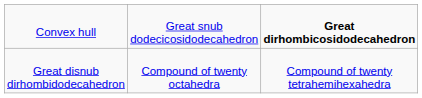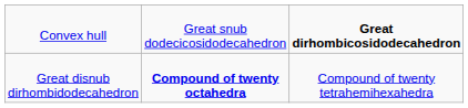 <table class="wikitable" width="400" style="vertical-align:top;text-align:center">
 <tr>
 <td><br><a href='#'>Convex hull</a></td>
 <td><br><a href='#'>Great snub dodecicosidodecahedron</a></td>
 <td><br><strong>Great dirhombicosidodecahedron</strong></td>
 </tr>
 <tr>
 <td><br><a href='#'>Great disnub dirhombidodecahedron</a></td>
-<td><br><a href='#'>Compound of twenty octahedra</a></td>
+<td><strong><br><a href='#'>Compound of twenty octahedra</a></strong></td>
 <td><br><a href='#'>Compound of twenty tetrahemihexahedra</a></td>
 </tr>
 </table>
